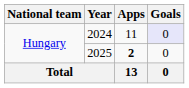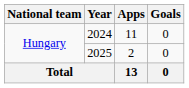 <table class="wikitable" style="text-align:center">
 <tr>
 <th>National team</th>
 <th>Year</th>
 <th>Apps</th>
 <th>Goals</th>
 </tr>
 <tr>
 <td rowspan="2"><a href='#'>Hungary</a></td>
 <td>2024</td>
 <td>11</td>
-<td style="background: lavender;">0</td>
+<td>0</td>
 </tr>
 <tr>
 <td>2025</td>
-<td><strong>2</strong></td>
+<td>2</td>
 <td>0</td>
 </tr>
 <tr>
 <th colspan="2">Total</th>
 <th>13</th>
 <th>0</th>
 </tr>
 </table>
